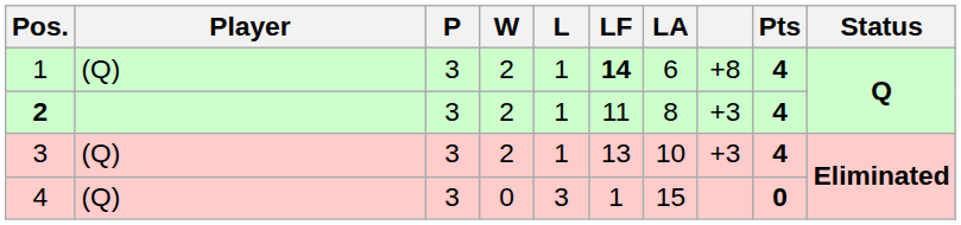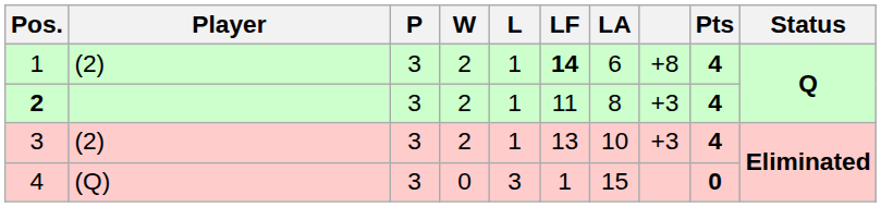 <table class="wikitable" style="text-align:center; margin: 1em auto 1em auto, align:left">
 <tr>
 <th width=25>Pos.</th>
 <th width=200>Player</th>
 <th width=25>P</th>
 <th width=25>W</th>
 <th width=25>L</th>
 <th width=25>LF</th>
 <th width=25>LA</th>
 <th width=25></th>
 <th width=25>Pts</th>
 <th width=75>Status</th>
 </tr>
 <tr style="background:#CCFFCC">
 <td>1</td>
-<td align=left> (Q)</td>
+<td align=left> (2)</td>
 <td>3</td>
 <td>2</td>
 <td>1</td>
 <td><strong>14</strong></td>
 <td>6</td>
 <td>+8</td>
 <td><strong>4</strong></td>
 <td rowspan=2><strong>Q</strong></td>
 </tr>
 <tr style="background:#CCFFCC">
 <td><strong>2</strong></td>
 <td align=left></td>
 <td>3</td>
 <td>2</td>
 <td>1</td>
 <td>11</td>
 <td>8</td>
 <td>+3</td>
 <td><strong>4</strong></td>
 </tr>
 <tr style="background:#FFCCCC;">
 <td>3</td>
-<td align=left>(Q)</td>
+<td align=left> (2)</td>
 <td>3</td>
 <td>2</td>
 <td>1</td>
 <td>13</td>
 <td>10</td>
 <td>+3</td>
 <td><strong>4</strong></td>
 <td rowspan=2><strong>Eliminated</strong></td>
 </tr>
 <tr style="background:#FFCCCC;">
 <td>4</td>
 <td align=left> (Q)</td>
 <td>3</td>
 <td>0</td>
 <td>3</td>
 <td>1</td>
 <td>15</td>
 <td></td>
 <td><strong>0</strong></td>
 </tr>
 </table>
